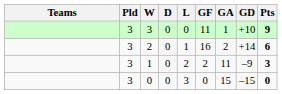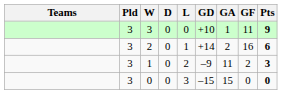 <table class="wikitable" style="text-align: center;">
 <tr>
 <th width=165>Teams</th>
 <th width=20>Pld</th>
 <th width=20>W</th>
 <th width=20>D</th>
 <th width=20>L</th>
+<th width=20>GD</th>
+<th width=20>GA</th>
 <th width=20>GF</th>
-<th width=20>GA</th>
-<th width=20>GD</th>
 <th width=20>Pts</th>
 </tr>
 <tr align=center style="background:#ccffcc;">
 <td style="text-align:left;"></td>
 <td>3</td>
 <td>3</td>
 <td>0</td>
 <td>0</td>
+<td>+10</td>
+<td>1</td>
 <td>11</td>
-<td>1</td>
-<td>+10</td>
 <td><strong>9</strong></td>
 </tr>
 <tr align=center>
 <td style="text-align:left;"></td>
 <td>3</td>
 <td>2</td>
 <td>0</td>
 <td>1</td>
+<td>+14</td>
+<td>2</td>
 <td>16</td>
-<td>2</td>
-<td>+14</td>
 <td><strong>6</strong></td>
 </tr>
 <tr align=center>
 <td style="text-align:left;"></td>
 <td>3</td>
 <td>1</td>
 <td>0</td>
 <td>2</td>
+<td>–9</td>
+<td>11</td>
 <td>2</td>
-<td>11</td>
-<td>–9</td>
 <td><strong>3</strong></td>
 </tr>
 <tr align=center>
 <td style="text-align:left;"></td>
 <td>3</td>
 <td>0</td>
 <td>0</td>
 <td>3</td>
+<td>–15</td>
+<td>15</td>
 <td>0</td>
-<td>15</td>
-<td>–15</td>
 <td><strong>0</strong></td>
 </tr>
 </table>
